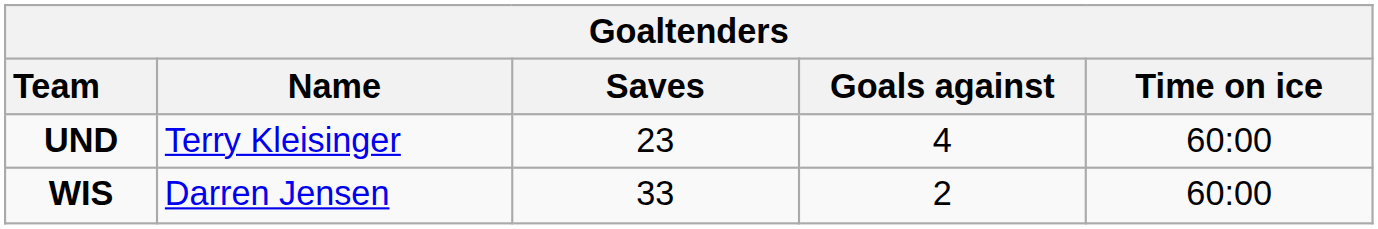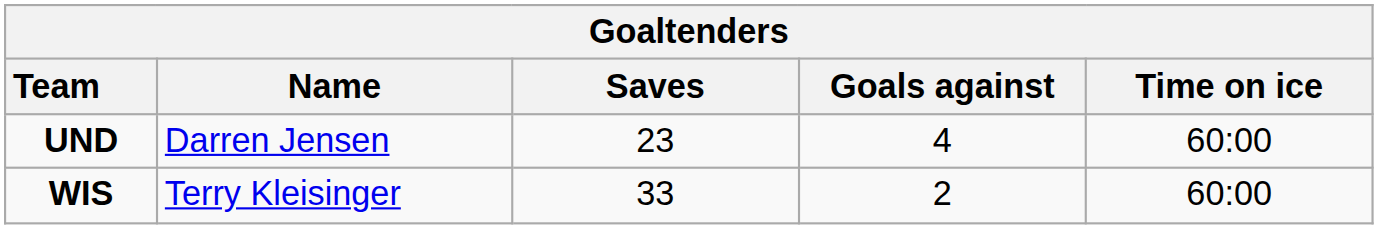 <table class="wikitable" style="width:40em; text-align:right;">
 <tr>
 <th colspan=5>Goaltenders</th>
 </tr>
 <tr>
 <th style="width:4em; text-align:left;">Team</th>
 <th style="width:10em;">Name</th>
 <th style="width:8em;">Saves</th>
 <th style="width:8em;">Goals against</th>
 <th style="width:8em;">Time on ice</th>
 </tr>
 <tr>
 <td align=center><strong>UND</strong></td>
-<td style="text-align:left;"><a href='#'>Terry Kleisinger</a></td>
+<td style="text-align:left;"><a href='#'>Darren Jensen</a></td>
 <td align=center>23</td>
 <td align=center>4</td>
 <td align=center>60:00</td>
 </tr>
 <tr>
 <td align=center><strong>WIS</strong></td>
-<td style="text-align:left;"><a href='#'>Darren Jensen</a></td>
+<td style="text-align:left;"><a href='#'>Terry Kleisinger</a></td>
 <td align=center>33</td>
 <td align=center>2</td>
 <td align=center>60:00</td>
 </tr>
 </table>
